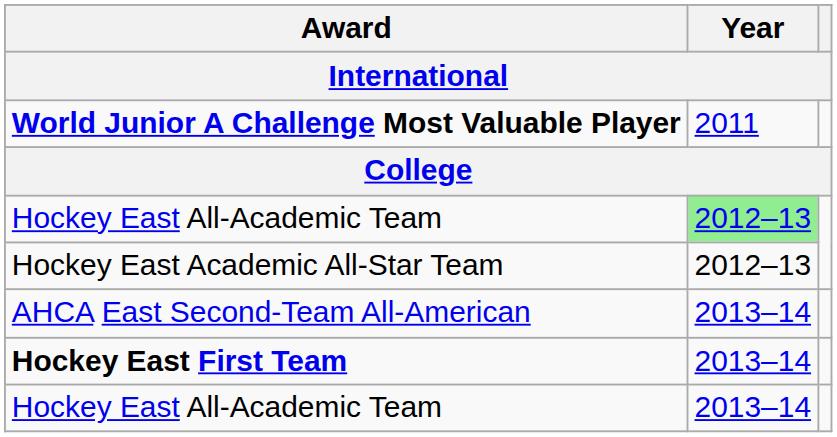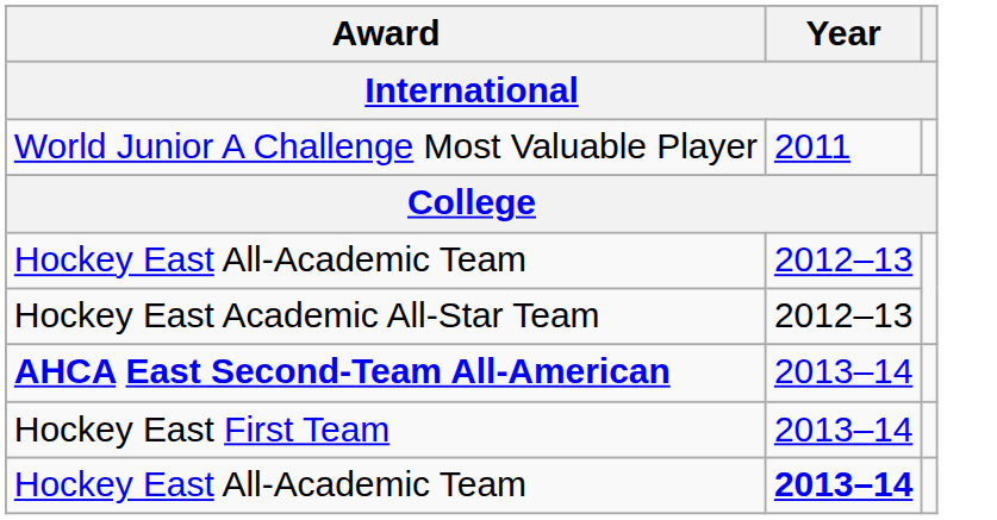 <table class="wikitable">
 <tr>
 <th>Award</th>
 <th>Year</th>
 <th></th>
 </tr>
 <tr>
 <th colspan="3"><a href='#'>International</a></th>
 </tr>
 <tr>
-<td><strong><a href='#'>World Junior A Challenge</a> Most Valuable Player</strong></td>
+<td><a href='#'>World Junior A Challenge</a> Most Valuable Player</td>
 <td><a href='#'>2011</a></td>
 <td></td>
 </tr>
 <tr>
 <th colspan="3"><a href='#'>College</a></th>
 </tr>
 <tr>
 <td><a href='#'>Hockey East</a> All-Academic Team</td>
-<td style="background: lightgreen;"><a href='#'>2012–13</a></td>
+<td><a href='#'>2012–13</a></td>
 <td rowspan="2"></td>
 </tr>
 <tr>
 <td>Hockey East Academic All-Star Team</td>
 <td>2012–13</td>
 </tr>
 <tr>
-<td><a href='#'>AHCA</a> <a href='#'>East Second-Team All-American</a></td>
+<td><strong><a href='#'>AHCA</a> <a href='#'>East Second-Team All-American</a></strong></td>
 <td><a href='#'>2013–14</a></td>
 <td></td>
 </tr>
 <tr>
-<td><strong>Hockey East <a href='#'>First Team</a></strong></td>
+<td>Hockey East <a href='#'>First Team</a></td>
 <td><a href='#'>2013–14</a></td>
 <td></td>
 </tr>
 <tr>
 <td><a href='#'>Hockey East</a> All-Academic Team</td>
-<td><a href='#'>2013–14</a></td>
+<td><strong><a href='#'>2013–14</a></strong></td>
 <td rowspan="2"></td>
 </tr>
 </table>
